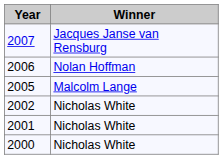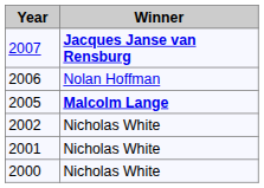 <table bgcolor="#f7f8ff" cellpadding="3" cellspacing="0" border="1" style="font-size: 95%; border: gray solid 1px; border-collapse: collapse;">
 <tr bgcolor="#CCCCCC">
 <td align="center" width="50"><strong>Year</strong></td>
 <td align="center" width="200"><strong>Winner</strong></td>
 </tr>
 <tr align="left">
 <td><a href='#'>2007</a></td>
-<td> <a href='#'>Jacques Janse van Rensburg</a></td>
+<td><strong> <a href='#'>Jacques Janse van Rensburg</a></strong></td>
 </tr>
 <tr align="left">
 <td>2006</td>
 <td> <a href='#'>Nolan Hoffman</a></td>
 </tr>
 <tr align="left">
 <td>2005</td>
-<td> <a href='#'>Malcolm Lange</a></td>
+<td><strong> <a href='#'>Malcolm Lange</a></strong></td>
 </tr>
 <tr align="left">
 <td>2002</td>
 <td> Nicholas White</td>
 </tr>
 <tr align="left">
 <td>2001</td>
 <td> Nicholas White</td>
 </tr>
 <tr align="left">
 <td>2000</td>
 <td> Nicholas White</td>
 </tr>
 </table>
